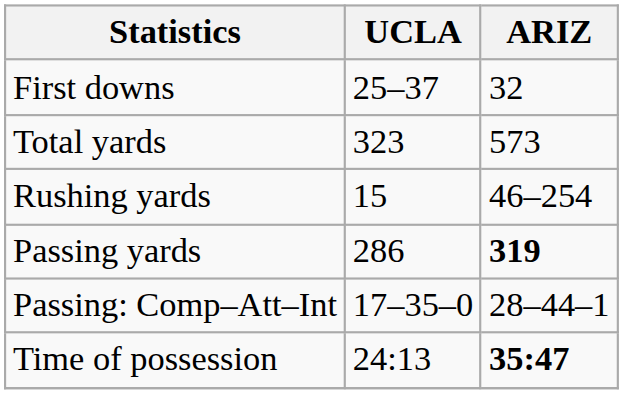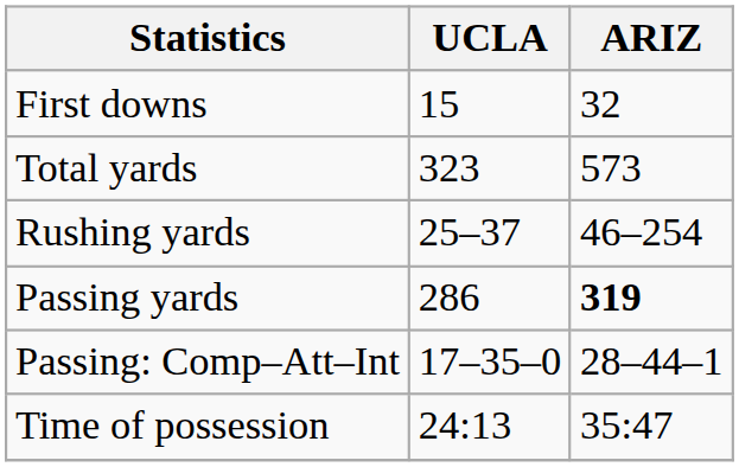 <table class="wikitable" style="float: left;">
 <tr>
 <th>Statistics</th>
 <th>UCLA</th>
 <th>ARIZ</th>
 </tr>
 <tr>
 <td>First downs</td>
-<td>25–37</td>
+<td>15</td>
 <td>32</td>
 </tr>
 <tr>
 <td>Total yards</td>
 <td>323</td>
 <td>573</td>
 </tr>
 <tr>
 <td>Rushing yards</td>
-<td>15</td>
+<td>25–37</td>
 <td>46–254</td>
 </tr>
 <tr>
 <td>Passing yards</td>
 <td>286</td>
 <td><strong>319</strong></td>
 </tr>
 <tr>
 <td>Passing: Comp–Att–Int</td>
 <td>17–35–0</td>
 <td>28–44–1</td>
 </tr>
 <tr>
 <td>Time of possession</td>
 <td>24:13</td>
-<td><strong>35:47</strong></td>
+<td>35:47</td>
 </tr>
 <tr>
 </tr>
 </table>
